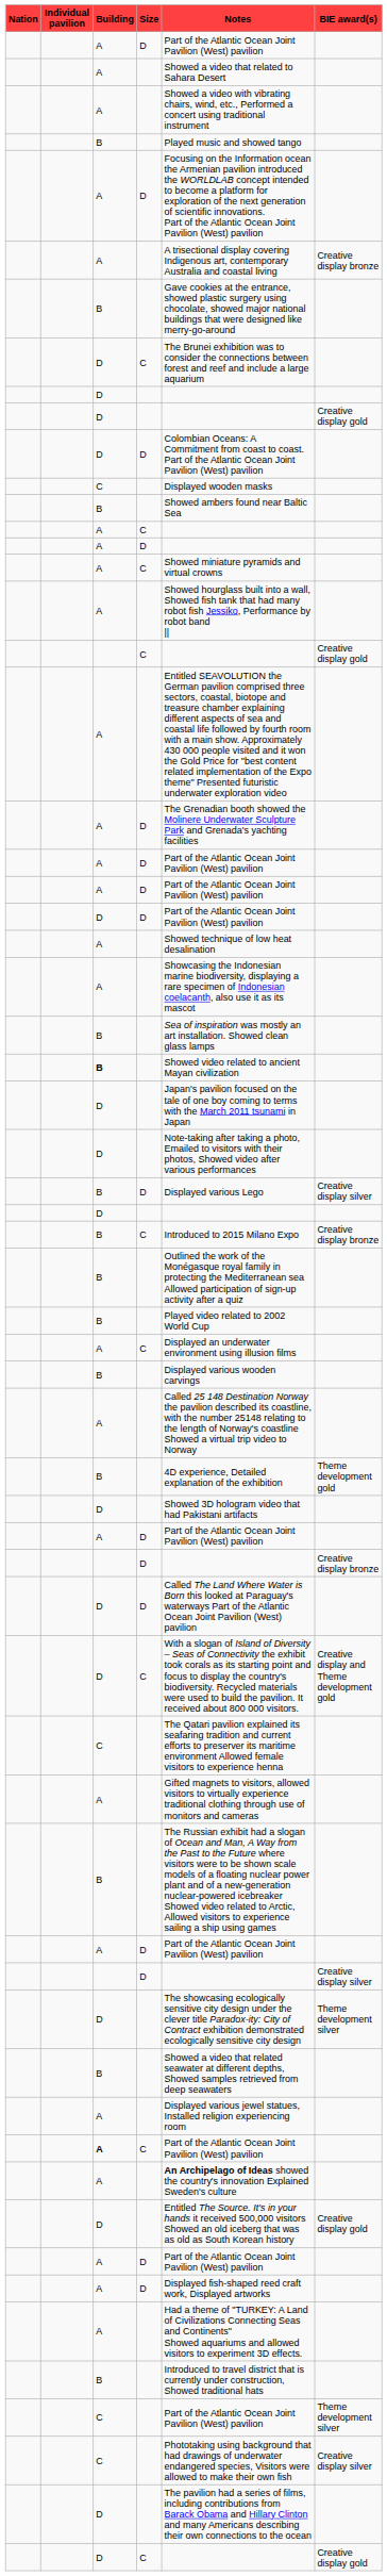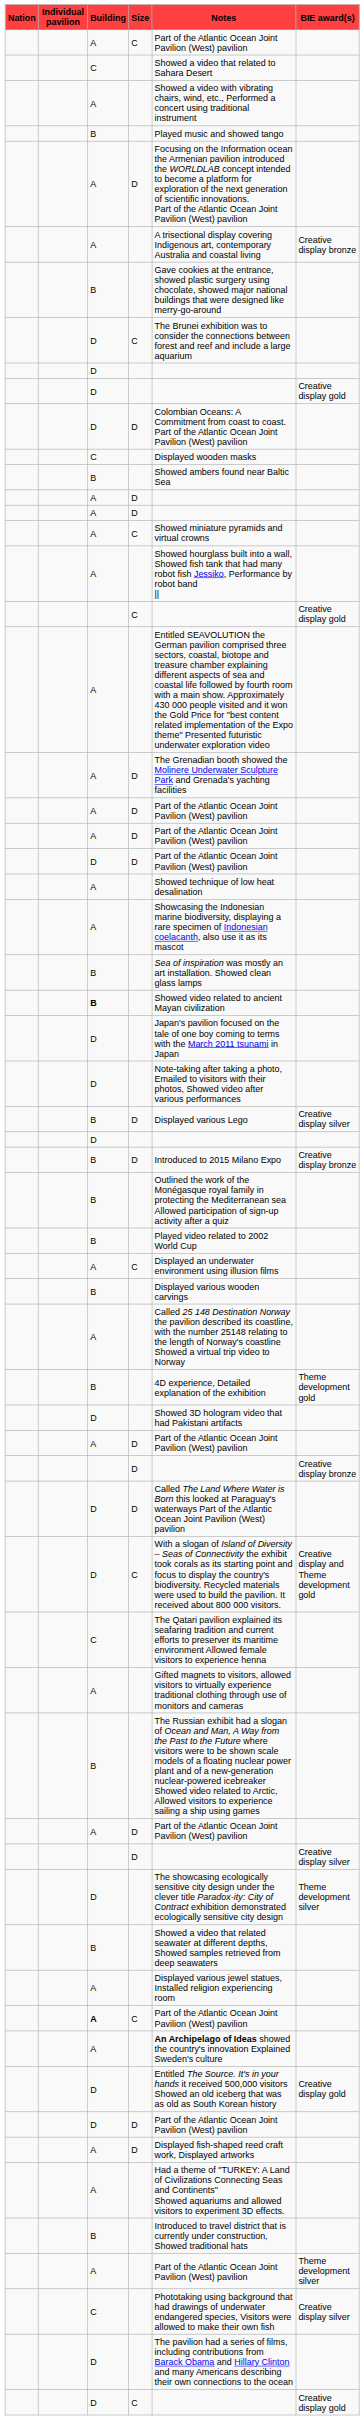 <table border="2" cellpadding="4" cellspacing="0" class="sortable" style="margin: 0.5em 0.5em 0.5em 1em; padding: 0.5em; background: #f9f9f9; border: 1px #aaa solid; border-collapse: collapse; font-size: 95%">
 <tr bgcolor=#FF4040>
 <th>Nation</th>
 <th>Individual pavilion</th>
 <th>Building</th>
 <th>Size</th>
 <th>Notes</th>
 <th>BIE award(s)</th>
 </tr>
 <tr>
 <td></td>
 <td></td>
 <td>A</td>
-<td>D</td>
+<td>C</td>
 <td>Part of the Atlantic Ocean Joint Pavilion (West) pavilion</td>
 <td> </td>
 </tr>
 <tr>
 <td></td>
 <td></td>
-<td>A</td>
+<td>C</td>
 <td> </td>
 <td>Showed a video that related to Sahara Desert</td>
 <td> </td>
 </tr>
 <tr>
 <td></td>
 <td></td>
 <td>A</td>
 <td> </td>
 <td>Showed a video with vibrating chairs, wind, etc., Performed a concert using traditional instrument</td>
 <td> </td>
 </tr>
 <tr>
 <td></td>
 <td></td>
 <td>B</td>
 <td> </td>
 <td>Played music and showed tango</td>
 <td> </td>
 </tr>
 <tr>
 <td></td>
 <td></td>
 <td>A</td>
 <td>D</td>
 <td>Focusing on the Information ocean the Armenian pavilion introduced the <em>WORLDLAB</em> concept intended to become a platform for exploration of the next generation of scientific innovations.<br>Part of the Atlantic Ocean Joint Pavilion (West) pavilion</td>
 <td> </td>
 </tr>
 <tr>
 <td></td>
 <td></td>
 <td>A</td>
 <td> </td>
 <td>A trisectional display covering Indigenous art, contemporary Australia and coastal living</td>
 <td>Creative display bronze</td>
 </tr>
 <tr>
 <td></td>
 <td></td>
 <td>B</td>
 <td> </td>
 <td>Gave cookies at the entrance, showed plastic surgery using chocolate, showed major national buildings that were designed like merry-go-around</td>
 <td> </td>
 </tr>
 <tr>
 <td></td>
 <td></td>
 <td>D</td>
 <td>C</td>
 <td>The Brunei exhibition was to consider the connections between forest and reef and include a large aquarium</td>
 <td> </td>
 </tr>
 <tr>
 <td></td>
 <td></td>
 <td>D</td>
 <td> </td>
 <td> </td>
 <td> </td>
 </tr>
 <tr>
 <td></td>
 <td></td>
 <td>D</td>
 <td></td>
 <td> </td>
 <td>Creative display gold</td>
 </tr>
 <tr>
 <td></td>
 <td></td>
 <td>D</td>
 <td>D</td>
 <td>Colombian Oceans: A Commitment from coast to coast.<br>Part of the Atlantic Ocean Joint Pavilion (West) pavilion</td>
 <td> </td>
 </tr>
 <tr>
 <td></td>
 <td></td>
 <td>C</td>
 <td> </td>
 <td>Displayed wooden masks</td>
 <td> </td>
 </tr>
 <tr>
 <td></td>
 <td></td>
 <td>B</td>
 <td> </td>
 <td>Showed ambers found near Baltic Sea</td>
 <td> </td>
 </tr>
 <tr>
 <td></td>
 <td></td>
 <td>A</td>
-<td>C</td>
+<td>D</td>
 <td> </td>
 <td> </td>
 </tr>
 <tr>
 <td></td>
 <td></td>
 <td>A</td>
 <td>D</td>
 <td> </td>
 <td> </td>
 </tr>
 <tr>
 <td></td>
 <td></td>
 <td>A</td>
 <td>C</td>
 <td>Showed miniature pyramids and virtual crowns</td>
 <td> </td>
 </tr>
 <tr>
 <td></td>
 <td></td>
 <td>A</td>
 <td> </td>
 <td>Showed hourglass built into a wall, Showed fish tank that had many robot fish <a href='#'>Jessiko</a>, Performance by robot band<br> ||  </td>
 </tr>
 <tr>
 <td></td>
 <td></td>
 <td></td>
 <td>C</td>
 <td> </td>
 <td>Creative display gold</td>
 </tr>
 <tr>
 <td></td>
 <td></td>
 <td>A</td>
 <td> </td>
 <td>Entitled SEAVOLUTION the German pavilion comprised three sectors, coastal, biotope and treasure chamber explaining different aspects of sea and coastal life followed by fourth room with a main show. Approximately 430 000 people visited and it won the Gold Price for "best content related implementation of the Expo theme" Presented futuristic underwater exploration video</td>
 <td> </td>
 </tr>
 <tr>
 <td></td>
 <td></td>
 <td>A</td>
 <td>D</td>
 <td>The Grenadian booth showed the <a href='#'>Molinere Underwater Sculpture Park</a> and Grenada's yachting facilities</td>
 <td> </td>
 </tr>
 <tr>
 <td></td>
 <td></td>
 <td>A</td>
 <td>D</td>
 <td>Part of the Atlantic Ocean Joint Pavilion (West) pavilion</td>
 <td> </td>
 </tr>
 <tr>
 <td></td>
 <td></td>
 <td>A</td>
 <td>D</td>
 <td>Part of the Atlantic Ocean Joint Pavilion (West) pavilion</td>
 <td> </td>
 </tr>
 <tr>
 <td></td>
 <td></td>
 <td>D</td>
 <td>D</td>
 <td>Part of the Atlantic Ocean Joint Pavilion (West) pavilion</td>
 <td> </td>
 </tr>
 <tr>
 <td></td>
 <td></td>
 <td>A</td>
 <td> </td>
 <td>Showed technique of low heat desalination<br></td>
 <td> </td>
 </tr>
 <tr>
 <td></td>
 <td></td>
 <td>A</td>
 <td> </td>
 <td>Showcasing the Indonesian marine biodiversity, displaying a rare specimen of <a href='#'>Indonesian coelacanth</a>, also use it as its mascot</td>
 <td> </td>
 </tr>
 <tr>
 <td></td>
 <td></td>
 <td>B</td>
 <td> </td>
 <td><em>Sea of inspiration</em> was mostly an art installation. Showed clean glass lamps</td>
 <td> </td>
 </tr>
 <tr>
 <td></td>
 <td></td>
 <td><strong>B</strong></td>
 <td> </td>
 <td>Showed video related to ancient Mayan civilization</td>
 <td> </td>
 </tr>
 <tr>
 <td></td>
 <td></td>
 <td>D</td>
 <td> </td>
 <td>Japan's pavilion focused on the tale of one boy coming to terms with the <a href='#'>March 2011 tsunami</a> in Japan</td>
 <td> </td>
 </tr>
 <tr>
 <td></td>
 <td></td>
 <td>D</td>
 <td> </td>
 <td>Note-taking after taking a photo, Emailed to visitors with their photos, Showed video after various performances</td>
 <td> </td>
 </tr>
 <tr>
 <td></td>
 <td></td>
 <td>B</td>
 <td>D</td>
 <td>Displayed various Lego</td>
 <td>Creative display silver</td>
 </tr>
 <tr>
 <td></td>
 <td></td>
 <td>D</td>
 <td> </td>
 <td> </td>
 <td> </td>
 </tr>
 <tr>
 <td></td>
 <td></td>
 <td>B</td>
-<td>C</td>
+<td>D</td>
 <td>Introduced to 2015 Milano Expo</td>
 <td>Creative display bronze</td>
 </tr>
 <tr>
 <td></td>
 <td></td>
 <td>B</td>
 <td> </td>
 <td>Outlined the work of the Monégasque royal family in protecting the Mediterranean sea Allowed participation of sign-up activity after a quiz</td>
 <td> </td>
 </tr>
 <tr>
 <td></td>
 <td></td>
 <td>B</td>
 <td> </td>
 <td>Played video related to 2002 World Cup</td>
 <td> </td>
 </tr>
 <tr>
 <td></td>
 <td></td>
 <td>A</td>
 <td>C</td>
 <td>Displayed an underwater environment using illusion films</td>
 <td> </td>
 </tr>
 <tr>
 <td></td>
 <td></td>
 <td>B</td>
 <td> </td>
 <td>Displayed various wooden carvings</td>
 <td> </td>
 </tr>
 <tr>
 <td></td>
 <td></td>
 <td>A</td>
 <td> </td>
 <td>Called <em>25 148 Destination Norway</em> the pavilion described its coastline, with the number 25148 relating to the length of Norway's coastline Showed a virtual trip video to Norway</td>
 <td> </td>
 </tr>
 <tr>
 <td></td>
 <td></td>
 <td>B</td>
 <td> </td>
 <td>4D experience, Detailed explanation of the exhibition</td>
 <td>Theme development gold</td>
 </tr>
 <tr>
 <td></td>
 <td></td>
 <td>D</td>
 <td> </td>
 <td>Showed 3D hologram video that had Pakistani artifacts</td>
 <td> </td>
 </tr>
 <tr>
 <td></td>
 <td></td>
 <td>A</td>
 <td>D</td>
 <td>Part of the Atlantic Ocean Joint Pavilion (West) pavilion</td>
 <td> </td>
 </tr>
 <tr>
 <td></td>
 <td></td>
 <td></td>
 <td>D</td>
 <td> </td>
 <td>Creative display bronze</td>
 </tr>
 <tr>
 <td></td>
 <td></td>
 <td>D</td>
 <td>D</td>
 <td>Called <em>The Land Where Water is Born</em> this looked at Paraguay's waterways Part of the Atlantic Ocean Joint Pavilion (West) pavilion</td>
 <td> </td>
 </tr>
 <tr>
 <td></td>
 <td></td>
 <td>D</td>
 <td>C</td>
 <td>With a slogan of <em>Island of Diversity – Seas of Connectivity</em> the exhibit took corals as its starting point and focus to display the country's biodiversity. Recycled materials were used to build the pavilion. It received about 800 000 visitors.</td>
 <td>Creative display  and Theme development gold</td>
 </tr>
 <tr>
 <td></td>
 <td></td>
 <td>C</td>
 <td> </td>
 <td>The Qatari pavilion explained its seafaring tradition and current efforts to preserver its maritime environment Allowed female visitors to experience henna</td>
 <td> </td>
 </tr>
 <tr>
 <td></td>
 <td></td>
 <td>A</td>
 <td> </td>
 <td>Gifted magnets to visitors, allowed visitors to virtually experience traditional clothing through use of monitors and cameras</td>
 <td> </td>
 </tr>
 <tr>
 <td></td>
 <td></td>
 <td>B</td>
 <td> </td>
 <td>The Russian exhibit had a slogan of <em>Ocean and Man, A Way from the Past to the Future</em> where visitors were to be shown scale models of a floating nuclear power plant and of a new-generation nuclear-powered icebreaker Showed video related to Arctic, Allowed visitors to experience sailing a ship using games</td>
 <td> </td>
 </tr>
 <tr>
 <td></td>
 <td></td>
 <td>A</td>
 <td>D</td>
 <td>Part of the Atlantic Ocean Joint Pavilion (West) pavilion</td>
 <td> </td>
 </tr>
 <tr>
 <td></td>
 <td></td>
 <td></td>
 <td>D</td>
 <td></td>
 <td>Creative display silver</td>
 </tr>
 <tr>
 <td></td>
 <td></td>
 <td>D</td>
 <td> </td>
 <td>The showcasing ecologically sensitive city design under the clever title <em>Paradox-ity: City of Contract</em> exhibition demonstrated ecologically sensitive city design</td>
 <td>Theme development silver</td>
 </tr>
 <tr>
 <td></td>
 <td></td>
 <td>B</td>
 <td> </td>
 <td>Showed a video that related seawater at different depths, Showed samples retrieved from deep seawaters</td>
 <td> </td>
 </tr>
 <tr>
 <td></td>
 <td></td>
 <td>A</td>
 <td> </td>
 <td>Displayed various jewel statues, Installed religion experiencing room</td>
 <td> </td>
 </tr>
 <tr>
 <td></td>
 <td></td>
 <td><strong>A</strong></td>
 <td>C</td>
 <td>Part of the Atlantic Ocean Joint Pavilion (West) pavilion</td>
 <td> </td>
 </tr>
 <tr>
 <td></td>
 <td></td>
 <td>A</td>
 <td> </td>
 <td><strong>An Archipelago of Ideas</strong> showed the country's innovation Explained Sweden's culture</td>
 <td> </td>
 </tr>
 <tr>
 <td></td>
 <td></td>
 <td>D</td>
 <td> </td>
 <td>Entitled <em>The Source. It's in your hands</em> it received 500,000 visitors Showed an old iceberg that was as old as South Korean history</td>
 <td>Creative display gold</td>
 </tr>
 <tr>
 <td></td>
 <td></td>
-<td>A</td>
+<td>D</td>
 <td>D</td>
 <td>Part of the Atlantic Ocean Joint Pavilion (West) pavilion</td>
 <td> </td>
 </tr>
 <tr>
 <td></td>
 <td></td>
 <td>A</td>
 <td>D</td>
 <td>Displayed fish-shaped reed craft work, Displayed artworks</td>
 <td> </td>
 </tr>
 <tr>
 <td></td>
 <td></td>
 <td>A</td>
 <td> </td>
 <td>Had a theme of "TURKEY: A Land of Civilizations Connecting Seas and Continents"<br> Showed aquariums and allowed visitors to experiment 3D effects.</td>
 <td> </td>
 </tr>
 <tr>
 <td></td>
 <td></td>
 <td>B</td>
 <td> </td>
 <td>Introduced to travel district that is currently under construction, Showed traditional hats</td>
 <td> </td>
 </tr>
 <tr>
 <td></td>
 <td></td>
-<td>C</td>
+<td>A</td>
 <td> </td>
 <td>Part of the Atlantic Ocean Joint Pavilion (West) pavilion</td>
 <td>Theme development silver</td>
 </tr>
 <tr>
 <td></td>
 <td></td>
 <td>C</td>
 <td> </td>
 <td>Phototaking using background that had drawings of underwater endangered species, Visitors were allowed to make their own fish</td>
 <td>Creative display silver</td>
 </tr>
 <tr>
 <td></td>
 <td></td>
 <td>D</td>
 <td> </td>
 <td>The pavilion had a series of films, including contributions from <a href='#'>Barack Obama</a> and <a href='#'>Hillary Clinton</a> and many Americans describing their own connections to the ocean</td>
 <td> </td>
 </tr>
 <tr>
 <td></td>
 <td></td>
 <td>D</td>
 <td>C</td>
 <td> </td>
 <td>Creative display gold</td>
 </tr>
 </table>
